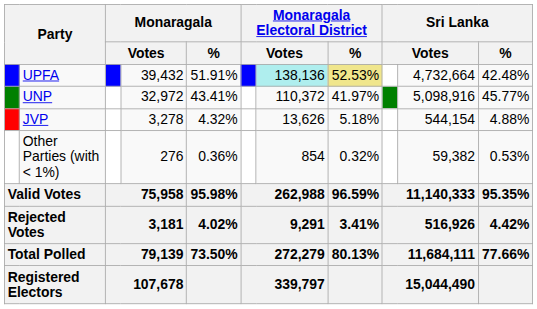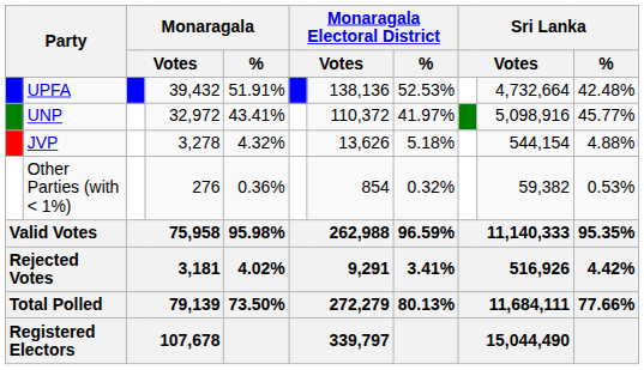 <table class="wikitable">
 <tr>
 <th colspan="2" width="144px"rowspan="2">Party</th>
 <th colspan="3" width="216px">Monaragala</th>
 <th colspan="3" width="216px"><a href='#'>Monaragala Electoral District</a></th>
 <th colspan="3" width="216px">Sri Lanka</th>
 </tr>
 <tr>
 <th colspan="2" width="144px">Votes</th>
 <th>%</th>
 <th colspan="2" width="144px">Votes</th>
 <th>%</th>
 <th colspan="2" width="144px">Votes</th>
 <th>%</th>
 </tr>
 <tr>
 <td style="background-color:blue;" width="10px"></td>
 <td style="text-align:left;"><a href='#'>UPFA</a></td>
 <td style="background-color:blue;" width="10px"></td>
 <td style="text-align:right;">39,432</td>
 <td style="text-align:right;">51.91%</td>
 <td style="background-color:blue;" width="10px"></td>
-<td style="background: paleturquoise; text-align:right;">138,136</td>
-<td style="background: khaki; text-align:right;">52.53%</td>
+<td style="text-align:right;">138,136</td>
+<td style="text-align:right;">52.53%</td>
 <td style="background-color:white;" width="10px"></td>
 <td style="text-align:right;">4,732,664</td>
 <td style="text-align:right;">42.48%</td>
 </tr>
 <tr>
 <td style="background-color:green;" width="10px"></td>
 <td style="text-align:left;"><a href='#'>UNP</a></td>
 <td style="background-color:white;" width="10px"></td>
 <td style="text-align:right;">32,972</td>
 <td style="text-align:right;">43.41%</td>
 <td style="background-color:white;" width="10px"></td>
 <td style="text-align:right;">110,372</td>
 <td style="text-align:right;">41.97%</td>
 <td style="background-color:green;" width="10px"></td>
 <td style="text-align:right;">5,098,916</td>
 <td style="text-align:right;">45.77%</td>
 </tr>
 <tr>
 <td style="background-color:red;" width="10px"></td>
 <td style="text-align:left;"><a href='#'>JVP</a></td>
 <td style="background-color:white;" width="10px"></td>
 <td style="text-align:right;">3,278</td>
 <td style="text-align:right;">4.32%</td>
 <td style="background-color:white;" width="10px"></td>
 <td style="text-align:right;">13,626</td>
 <td style="text-align:right;">5.18%</td>
 <td style="background-color:white;" width="10px"></td>
 <td style="text-align:right;">544,154</td>
 <td style="text-align:right;">4.88%</td>
 </tr>
 <tr>
 <td style="background-color:white;" width="10px"></td>
 <td style="text-align:left;">Other Parties (with < 1%)</td>
 <td style="background-color:white;" width="10px"></td>
 <td style="text-align:right;">276</td>
 <td style="text-align:right;">0.36%</td>
 <td style="background-color:white;" width="10px"></td>
 <td style="text-align:right;">854</td>
 <td style="text-align:right;">0.32%</td>
 <td style="background-color:white;" width="10px"></td>
 <td style="text-align:right;">59,382</td>
 <td style="text-align:right;">0.53%</td>
 </tr>
 <tr>
 <th colspan="2" width="144px"style="text-align:left;">Valid Votes</th>
 <th style="text-align:right;"colspan="2" width="144px">75,958</th>
 <th style="text-align:right;">95.98%</th>
 <th style="text-align:right;"colspan="2" width="144px">262,988</th>
 <th style="text-align:right;">96.59%</th>
 <th style="text-align:right;"colspan="2" width="144px">11,140,333</th>
 <th style="text-align:right;">95.35%</th>
 </tr>
 <tr>
 <th colspan="2" width="144px"style="text-align:left;">Rejected Votes</th>
 <th style="text-align:right;"colspan="2" width="144px">3,181</th>
 <th style="text-align:right;">4.02%</th>
 <th style="text-align:right;"colspan="2" width="144px">9,291</th>
 <th style="text-align:right;">3.41%</th>
 <th style="text-align:right;"colspan="2" width="144px">516,926</th>
 <th style="text-align:right;">4.42%</th>
 </tr>
 <tr>
 <th colspan="2" width="144px"style="text-align:left;">Total Polled</th>
 <th style="text-align:right;"colspan="2" width="144px">79,139</th>
 <th style="text-align:right;">73.50%</th>
 <th style="text-align:right;"colspan="2" width="144px">272,279</th>
 <th style="text-align:right;">80.13%</th>
 <th style="text-align:right;"colspan="2" width="144px">11,684,111</th>
 <th style="text-align:right;">77.66%</th>
 </tr>
 <tr>
 <th colspan="2" width="144px"style="text-align:left;">Registered Electors</th>
 <th style="text-align:right;"colspan="2" width="144px">107,678</th>
 <th></th>
 <th style="text-align:right;"colspan="2" width="144px">339,797</th>
 <th></th>
 <th style="text-align:right;"colspan="2" width="144px">15,044,490</th>
 <th></th>
 </tr>
 </table>
